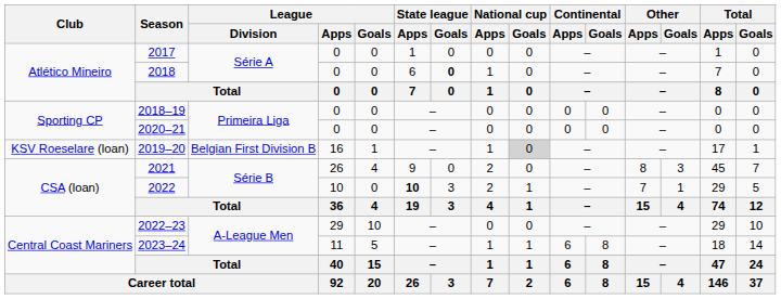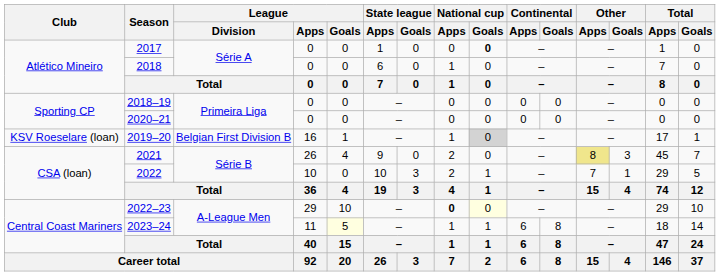 <table class="wikitable" style="text-align: center">
 <tr>
 <th rowspan="2">Club</th>
 <th rowspan="2">Season</th>
 <th colspan="3">League</th>
 <th colspan="2">State league</th>
 <th colspan="2">National cup</th>
 <th colspan="2">Continental</th>
 <th colspan="2">Other</th>
 <th colspan="2">Total</th>
 </tr>
 <tr>
 <th>Division</th>
 <th>Apps</th>
 <th>Goals</th>
 <th>Apps</th>
 <th>Goals</th>
 <th>Apps</th>
 <th>Goals</th>
 <th>Apps</th>
 <th>Goals</th>
 <th>Apps</th>
 <th>Goals</th>
 <th>Apps</th>
 <th>Goals</th>
 </tr>
 <tr>
 <td rowspan="3"><a href='#'>Atlético Mineiro</a></td>
 <td><a href='#'>2017</a></td>
 <td rowspan="2"><a href='#'>Série A</a></td>
 <td>0</td>
 <td>0</td>
 <td>1</td>
 <td>0</td>
 <td>0</td>
-<td>0</td>
+<td><strong>0</strong></td>
 <td colspan="2">–</td>
 <td colspan="2">–</td>
 <td>1</td>
 <td>0</td>
 </tr>
 <tr>
 <td><a href='#'>2018</a></td>
 <td>0</td>
 <td>0</td>
 <td>6</td>
-<td><strong>0</strong></td>
+<td>0</td>
 <td>1</td>
 <td>0</td>
 <td colspan="2">–</td>
 <td colspan="2">–</td>
 <td>7</td>
 <td>0</td>
 </tr>
 <tr>
 <th colspan="2">Total</th>
 <th>0</th>
 <th>0</th>
 <th>7</th>
 <th>0</th>
 <th>1</th>
 <th>0</th>
 <th colspan="2">–</th>
 <th colspan="2">–</th>
 <th>8</th>
 <th>0</th>
 </tr>
 <tr>
 <td rowspan="2"><a href='#'>Sporting CP</a></td>
 <td><a href='#'>2018–19</a></td>
 <td rowspan="2"><a href='#'>Primeira Liga</a></td>
 <td>0</td>
 <td>0</td>
 <td colspan="2">–</td>
 <td>0</td>
 <td>0</td>
 <td>0</td>
 <td>0</td>
 <td colspan="2">–</td>
 <td>0</td>
 <td>0</td>
 </tr>
 <tr>
 <td><a href='#'>2020–21</a></td>
 <td>0</td>
 <td>0</td>
 <td colspan="2">–</td>
 <td>0</td>
 <td>0</td>
 <td>0</td>
 <td>0</td>
 <td colspan="2">–</td>
 <td>0</td>
 <td>0</td>
 </tr>
 <tr>
 <td><a href='#'>KSV Roeselare</a> (loan)</td>
 <td><a href='#'>2019–20</a></td>
 <td><a href='#'>Belgian First Division B</a></td>
 <td>16</td>
 <td>1</td>
 <td colspan="2">–</td>
 <td>1</td>
 <td style="background: lightgrey;">0</td>
 <td colspan="2">–</td>
 <td colspan="2">–</td>
 <td>17</td>
 <td>1</td>
 </tr>
 <tr>
 <td rowspan="3"><a href='#'>CSA</a> (loan)</td>
 <td><a href='#'>2021</a></td>
 <td rowspan="2"><a href='#'>Série B</a></td>
 <td>26</td>
 <td>4</td>
 <td>9</td>
 <td>0</td>
 <td>2</td>
 <td>0</td>
 <td colspan="2">–</td>
-<td>8</td>
+<td style="background: khaki;">8</td>
 <td>3</td>
 <td>45</td>
 <td>7</td>
 </tr>
 <tr>
 <td><a href='#'>2022</a></td>
 <td>10</td>
 <td>0</td>
-<td><strong>10</strong></td>
+<td>10</td>
 <td>3</td>
 <td>2</td>
 <td>1</td>
 <td colspan="2">–</td>
 <td>7</td>
 <td>1</td>
 <td>29</td>
 <td>5</td>
 </tr>
 <tr>
 <th colspan="2">Total</th>
 <th>36</th>
 <th>4</th>
 <th>19</th>
 <th>3</th>
 <th>4</th>
 <th>1</th>
 <th colspan="2">–</th>
 <th>15</th>
 <th>4</th>
 <th>74</th>
 <th>12</th>
 </tr>
 <tr>
 <td rowspan="3"><a href='#'>Central Coast Mariners</a></td>
 <td><a href='#'>2022–23</a></td>
 <td rowspan="2"><a href='#'>A-League Men</a></td>
 <td>29</td>
 <td>10</td>
 <td colspan="2">–</td>
-<td>0</td>
-<td>0</td>
+<td><strong>0</strong></td>
+<td style="background: lightyellow;">0</td>
 <td colspan="2">–</td>
 <td colspan="2">–</td>
 <td>29</td>
 <td>10</td>
 </tr>
 <tr>
 <td><a href='#'>2023–24</a></td>
 <td>11</td>
-<td>5</td>
+<td style="background: lightyellow;">5</td>
 <td colspan="2">–</td>
 <td>1</td>
 <td>1</td>
 <td>6</td>
 <td>8</td>
 <td colspan="2">–</td>
 <td>18</td>
 <td>14</td>
 </tr>
 <tr>
 <th colspan="2">Total</th>
 <th>40</th>
 <th>15</th>
 <th colspan="2">–</th>
 <th>1</th>
 <th>1</th>
 <th>6</th>
 <th>8</th>
 <th colspan="2">–</th>
 <th>47</th>
 <th>24</th>
 </tr>
 <tr>
 <th colspan="3">Career total</th>
 <th>92</th>
 <th>20</th>
 <th>26</th>
 <th>3</th>
 <th>7</th>
 <th>2</th>
 <th>6</th>
 <th>8</th>
 <th>15</th>
 <th>4</th>
 <th>146</th>
 <th>37</th>
 </tr>
 </table>
